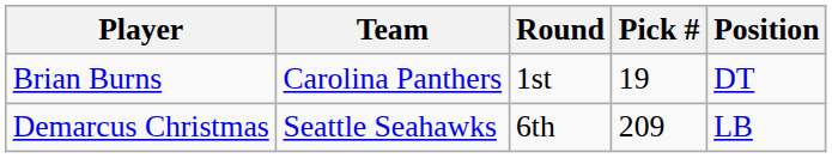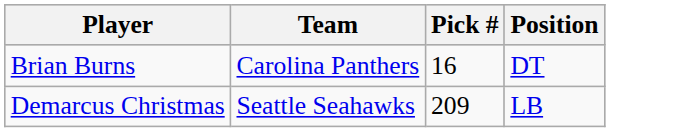 <table class="wikitable">
 <tr>
 <th>Player</th>
 <th>Team</th>
-<th>Round</th>
 <th>Pick #</th>
 <th>Position</th>
 </tr>
 <tr>
 <td><a href='#'>Brian Burns</a></td>
 <td><a href='#'>Carolina Panthers</a></td>
-<td>1st</td>
-<td>19</td>
+<td>16</td>
 <td><a href='#'>DT</a></td>
 </tr>
 <tr>
 <td><a href='#'>Demarcus Christmas</a></td>
 <td><a href='#'>Seattle Seahawks</a></td>
-<td>6th</td>
 <td>209</td>
 <td><a href='#'>LB</a></td>
 </tr>
 </table>
